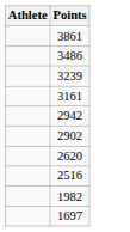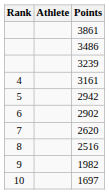 <table class="wikitable" style="display:inline-table; text-align:center;">
 <tr>
+<th>Rank</th>
 <th>Athlete</th>
 <th>Points</th>
 </tr>
 <tr>
+<td></td>
 <td align="left"></td>
 <td>3861</td>
 </tr>
 <tr>
+<td></td>
 <td align="left"></td>
 <td>3486</td>
 </tr>
 <tr>
+<td></td>
 <td align="left"></td>
 <td>3239</td>
 </tr>
 <tr>
+<td>4</td>
 <td align="left"></td>
 <td>3161</td>
 </tr>
 <tr>
+<td>5</td>
 <td align="left"></td>
 <td>2942</td>
 </tr>
 <tr>
+<td>6</td>
 <td align="left"></td>
 <td>2902</td>
 </tr>
 <tr>
+<td>7</td>
 <td align="left"></td>
 <td>2620</td>
 </tr>
 <tr>
+<td>8</td>
 <td align="left"></td>
 <td>2516</td>
 </tr>
 <tr>
+<td>9</td>
 <td align="left"></td>
 <td>1982</td>
 </tr>
 <tr>
+<td>10</td>
 <td align="left"></td>
 <td>1697</td>
 </tr>
 </table>
